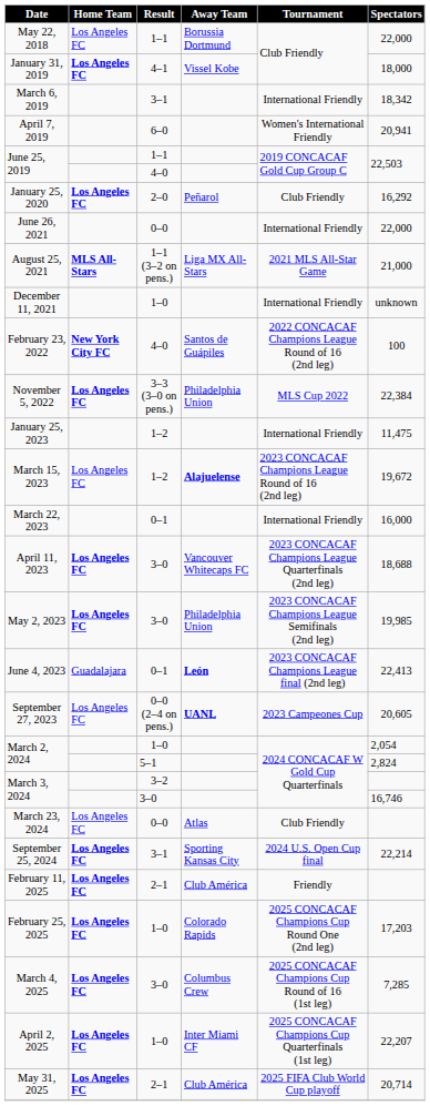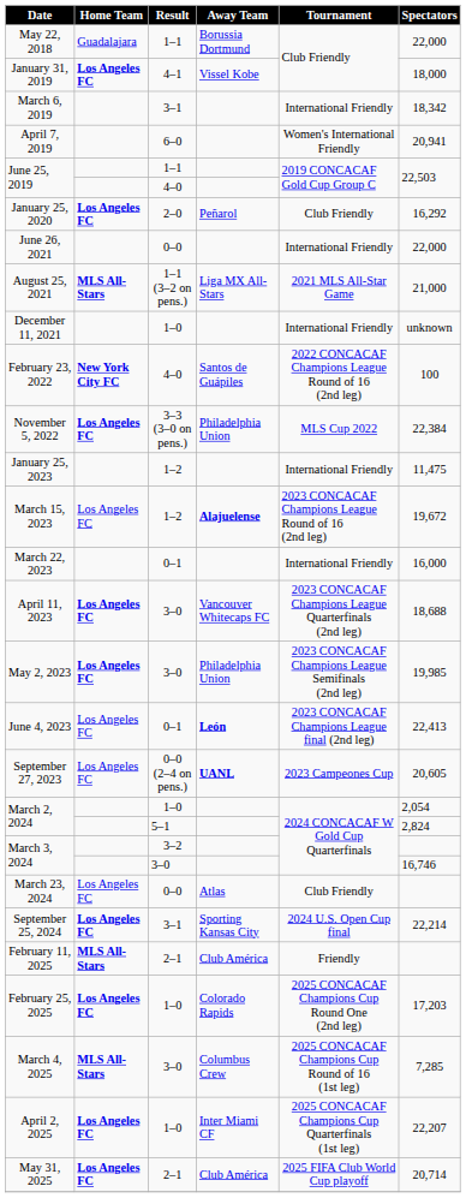 <table class="wikitable" style="text-align:left; width:95%;" style="text-align:center">
 <tr>
 <th style="text-align:center; background:#000000; color:#FFFFFF; ">Date</th>
 <th style="text-align:center; background:#000000; color:#FFFFFF; ">Home Team</th>
 <th style="text-align:center; background:#000000; color:#FFFFFF; ">Result</th>
 <th style="text-align:center; background:#000000; color:#FFFFFF; ">Away Team</th>
 <th style="text-align:center; background:#000000; color:#FFFFFF; ">Tournament</th>
 <th style="text-align:center; background:#000000; color:#FFFFFF; ">Spectators</th>
 </tr>
 <tr>
 <td style="text-align:center;">May 22, 2018</td>
-<td> <a href='#'>Los Angeles FC</a></td>
+<td> <a href='#'>Guadalajara</a></td>
 <td style="text-align:center;">1–1</td>
 <td> <a href='#'>Borussia Dortmund</a></td>
 <td rowspan="2">Club Friendly</td>
 <td style="text-align:center;">22,000</td>
 </tr>
 <tr>
 <td style="text-align:center;">January 31, 2019</td>
 <td> <strong><a href='#'>Los Angeles FC</a></strong></td>
 <td style="text-align:center;">4–1</td>
 <td> <a href='#'>Vissel Kobe</a></td>
 <td style="text-align:center;">18,000</td>
 </tr>
 <tr>
 <td style="text-align:center;">March 6, 2019</td>
 <td><strong></strong></td>
 <td style="text-align:center;">3–1</td>
 <td></td>
 <td style="text-align:center;">International Friendly</td>
 <td style="text-align:center;">18,342</td>
 </tr>
 <tr>
 <td style="text-align:center;">April 7, 2019</td>
 <td><strong></strong></td>
 <td style="text-align:center;">6–0</td>
 <td></td>
 <td style="text-align:center;">Women's International Friendly</td>
 <td style="text-align:center;">20,941</td>
 </tr>
 <tr>
 <td rowspan="2">June 25, 2019</td>
 <td></td>
 <td style="text-align:center;">1–1</td>
 <td></td>
 <td rowspan="2"><a href='#'>2019 CONCACAF Gold Cup Group C</a></td>
 <td rowspan=2 style"text-align:center;">22,503</td>
 </tr>
 <tr>
 <td><strong></strong></td>
 <td style="text-align:center;">4–0</td>
 <td></td>
 </tr>
 <tr>
 <td style="text-align:center;">January 25, 2020</td>
 <td> <strong><a href='#'>Los Angeles FC</a></strong></td>
 <td style="text-align:center;">2–0</td>
 <td> <a href='#'>Peñarol</a></td>
 <td style="text-align:center;">Club Friendly</td>
 <td style="text-align:center;">16,292</td>
 </tr>
 <tr>
 <td style="text-align:center;">June 26, 2021</td>
 <td></td>
 <td style="text-align:center;">0–0</td>
 <td></td>
 <td style="text-align:center;">International Friendly</td>
 <td style="text-align:center;">22,000</td>
 </tr>
 <tr>
 <td style="text-align:center;">August 25, 2021</td>
 <td>  <strong><a href='#'>MLS All-Stars</a></strong></td>
 <td style=text-align:center;>1–1<br>(3–2 on pens.)</td>
 <td> <a href='#'>Liga MX All-Stars</a></td>
 <td style="text-align:center;"><a href='#'>2021 MLS All-Star Game</a></td>
 <td style="text-align:center;">21,000</td>
 </tr>
 <tr>
 <td style="text-align:center;">December 11, 2021</td>
 <td><strong></strong></td>
 <td style="text-align:center;">1–0</td>
 <td></td>
 <td style="text-align:center;">International Friendly</td>
 <td style="text-align:center;">unknown</td>
 </tr>
 <tr>
 <td style="text-align:center;">February 23, 2022</td>
 <td> <strong><a href='#'>New York City FC</a></strong></td>
 <td style="text-align:center;">4–0</td>
 <td> <a href='#'>Santos de Guápiles</a></td>
 <td style="text-align:center;"><a href='#'>2022 CONCACAF Champions League</a><br>Round of 16<br>(2nd leg)</td>
 <td style="text-align:center;">100</td>
 </tr>
 <tr>
 <td style="text-align:center;">November 5, 2022</td>
 <td> <strong><a href='#'>Los Angeles FC</a></strong></td>
 <td style="text-align:center;">3–3<br>(3–0 on pens.)</td>
 <td> <a href='#'>Philadelphia Union</a></td>
 <td style="text-align:center;"><a href='#'>MLS Cup 2022</a></td>
 <td style="text-align:center;">22,384</td>
 </tr>
 <tr>
 <td style="text-align:center;">January 25, 2023</td>
 <td></td>
 <td style="text-align:center;">1–2</td>
 <td><strong></strong></td>
 <td style="text-align:center;">International Friendly</td>
 <td style="text-align:center;">11,475</td>
 </tr>
 <tr>
 <td style="text-align:center;">March 15, 2023</td>
 <td> <a href='#'>Los Angeles FC</a></td>
 <td style="text-align:center;">1–2</td>
 <td><strong> <a href='#'>Alajuelense</a></strong></td>
 <td stye="text-align:center;"><a href='#'>2023 CONCACAF Champions League</a><br>Round of 16<br>(2nd leg)</td>
 <td style="text-align:center;">19,672</td>
 </tr>
 <tr>
 <td style="text-align:center;">March 22, 2023</td>
 <td></td>
 <td style="text-align:center;">0–1</td>
 <td><strong></strong></td>
 <td style="text-align:center;">International Friendly</td>
 <td style="text-align:center;">16,000</td>
 </tr>
 <tr>
 <td style="text-align:center;">April 11, 2023</td>
 <td><strong> <a href='#'>Los Angeles FC</a></strong></td>
 <td style="text-align:center;">3–0</td>
 <td> <a href='#'>Vancouver Whitecaps FC</a></td>
 <td style="text-align:center;"><a href='#'>2023 CONCACAF Champions League</a><br>Quarterfinals<br>(2nd leg)</td>
 <td style="text-align:center;">18,688</td>
 </tr>
 <tr>
 <td style="text-align:center;">May 2, 2023</td>
 <td><strong> <a href='#'>Los Angeles FC</a></strong></td>
 <td style="text-align:center;">3–0</td>
 <td> <a href='#'>Philadelphia Union</a></td>
 <td style="text-align:center;"><a href='#'>2023 CONCACAF Champions League</a><br>Semifinals<br>(2nd leg)</td>
 <td style="text-align:center;">19,985</td>
 </tr>
 <tr>
 <td style="text-align:center;">June 4, 2023</td>
-<td> <a href='#'>Guadalajara</a></td>
+<td> <a href='#'>Los Angeles FC</a></td>
 <td style="text-align:center;">0–1</td>
 <td><strong> <a href='#'>León</a></strong></td>
 <td style="text-align:center;"><a href='#'>2023 CONCACAF Champions League final</a> (2nd leg)</td>
 <td style="text-align:center;">22,413</td>
 </tr>
 <tr>
 <td style="text-align:center;">September 27, 2023</td>
 <td> <a href='#'>Los Angeles FC</a></td>
 <td style="text-align:center;">0–0<br>(2–4 on pens.)</td>
 <td> <strong><a href='#'>UANL</a></strong></td>
 <td style="text-align:center;"><a href='#'>2023 Campeones Cup</a></td>
 <td style="text-align:center;">20,605</td>
 </tr>
 <tr>
 <td rowspan=2>March 2, 2024</td>
 <td><strong></strong></td>
 <td style=text-align:center;>1–0</td>
 <td></td>
 <td rowspan=4 style=text-align:center;><a href='#'>2024 CONCACAF W Gold Cup</a><br>Quarterfinals</td>
 <td>2,054</td>
 </tr>
 <tr>
 <td><strong></strong></td>
 <td style=text-align=center;>5–1</td>
 <td></td>
 <td>2,824</td>
 </tr>
 <tr>
 <td rowspan=2>March 3, 2024</td>
 <td><strong></strong></td>
 <td style=text-align:center;>3–2</td>
 <td></td>
 </tr>
 <tr>
 <td><strong></strong></td>
 <td style=text-align=center;>3–0</td>
 <td></td>
 <td>16,746</td>
 </tr>
 <tr>
 <td style="text-align:center;">March 23, 2024</td>
 <td> <a href='#'>Los Angeles FC</a></td>
 <td style="text-align:center;">0–0</td>
 <td> <a href='#'>Atlas</a></td>
 <td style="text-align:center;">Club Friendly</td>
 <td style="text-align:center;"></td>
 </tr>
 <tr>
 <td style="text-align:center;">September 25, 2024</td>
 <td><strong> <a href='#'>Los Angeles FC</a></strong></td>
 <td style="text-align:center;">3–1</td>
 <td> <a href='#'>Sporting Kansas City</a></td>
 <td style="text-align:center;"><a href='#'>2024 U.S. Open Cup final</a></td>
 <td style="text-align:center;">22,214</td>
 </tr>
 <tr>
 <td style="text-align:center;">February 11, 2025</td>
-<td><strong> <a href='#'>Los Angeles FC</a></strong></td>
+<td>  <strong><a href='#'>MLS All-Stars</a></strong></td>
 <td style="text-align:center;">2–1</td>
 <td> <a href='#'>Club América</a></td>
 <td style="text-align:center;">Friendly</td>
 <td style="text-align:center;"></td>
 </tr>
 <tr>
 <td style="text-align:center;">February 25, 2025</td>
 <td><strong> <a href='#'>Los Angeles FC</a></strong></td>
 <td style="text-align:center;">1–0</td>
 <td> <a href='#'>Colorado Rapids</a></td>
 <td style="text-align:center;"><a href='#'>2025 CONCACAF Champions Cup</a><br>Round One<br>(2nd leg)</td>
 <td style="text-align:center;">17,203</td>
 </tr>
 <tr>
 <td style="text-align:center;">March 4, 2025</td>
-<td><strong> <a href='#'>Los Angeles FC</a></strong></td>
+<td>  <strong><a href='#'>MLS All-Stars</a></strong></td>
 <td style="text-align:center;">3–0</td>
 <td> <a href='#'>Columbus Crew</a></td>
 <td style="text-align:center;"><a href='#'>2025 CONCACAF Champions Cup</a><br>Round of 16<br>(1st leg)</td>
 <td style="text-align:center;">7,285</td>
 </tr>
 <tr>
 <td style="text-align:center;">April 2, 2025</td>
 <td><strong> <a href='#'>Los Angeles FC</a></strong></td>
 <td style="text-align:center;">1–0</td>
 <td> <a href='#'>Inter Miami CF</a></td>
 <td style="text-align:center;"><a href='#'>2025 CONCACAF Champions Cup</a><br>Quarterfinals<br>(1st leg)</td>
 <td style="text-align:center;">22,207</td>
 </tr>
 <tr>
 <td style="text-align:center;">May 31, 2025</td>
 <td><strong> <a href='#'>Los Angeles FC</a></strong></td>
 <td style="text-align:center;">2–1</td>
 <td> <a href='#'>Club América</a></td>
 <td style="text-align:center;"><a href='#'>2025 FIFA Club World Cup playoff</a></td>
 <td style="text-align:center;">20,714</td>
 </tr>
 <tr>
 </tr>
 </table>
